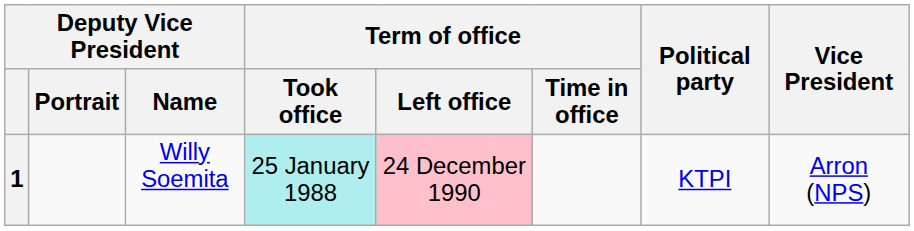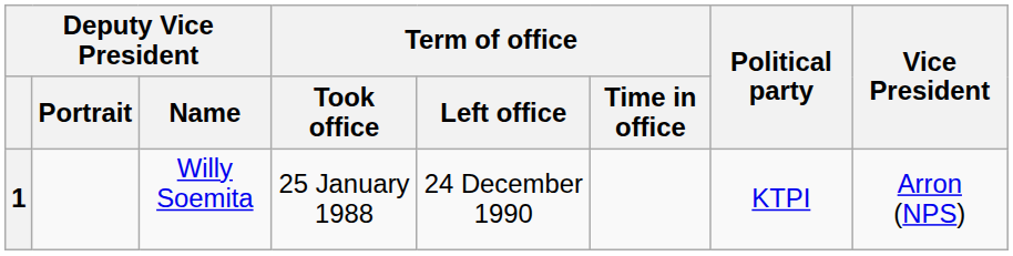 <table class="wikitable" style="text-align:center">
 <tr>
 <th colspan=3>Deputy Vice President</th>
 <th colspan=3>Term of office</th>
 <th rowspan=2>Political party</th>
 <th rowspan=2>Vice President</th>
 </tr>
 <tr>
 <th></th>
 <th>Portrait</th>
 <th>Name<br></th>
 <th>Took office</th>
 <th>Left office</th>
 <th>Time in office</th>
 </tr>
 <tr>
 <th style="background:">1</th>
 <td></td>
 <td><a href='#'>Willy Soemita</a><br><br></td>
-<td style="background: paleturquoise;">25 January 1988</td>
-<td style="background: pink;">24 December 1990<br></td>
+<td>25 January 1988</td>
+<td>24 December 1990<br></td>
 <td></td>
 <td><a href='#'>KTPI</a></td>
 <td><a href='#'>Arron</a><br>(<a href='#'>NPS</a>)</td>
 </tr>
 </table>
